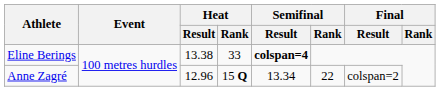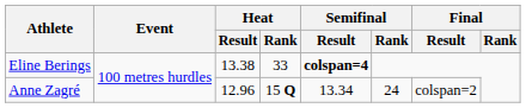 <table class=wikitable style=font-size:90%>
 <tr>
 <th rowspan=2>Athlete</th>
 <th rowspan=2>Event</th>
 <th colspan=2>Heat</th>
 <th colspan=2>Semifinal</th>
 <th colspan=2>Final</th>
 </tr>
 <tr style=font-size:95%>
 <th>Result</th>
 <th>Rank</th>
 <th>Result</th>
 <th>Rank</th>
 <th>Result</th>
 <th>Rank</th>
 </tr>
 <tr align=center>
 <td align=left><a href='#'>Eline Berings</a></td>
 <td align=left rowspan=2><a href='#'>100 metres hurdles</a></td>
 <td>13.38</td>
 <td>33</td>
 <td><strong>colspan=4 </strong></td>
 </tr>
 <tr align=center>
 <td align=left><a href='#'>Anne Zagré</a></td>
 <td>12.96</td>
 <td>15 <strong>Q</strong></td>
 <td>13.34</td>
-<td>22</td>
+<td>24</td>
 <td>colspan=2 </td>
 </tr>
 </table>
